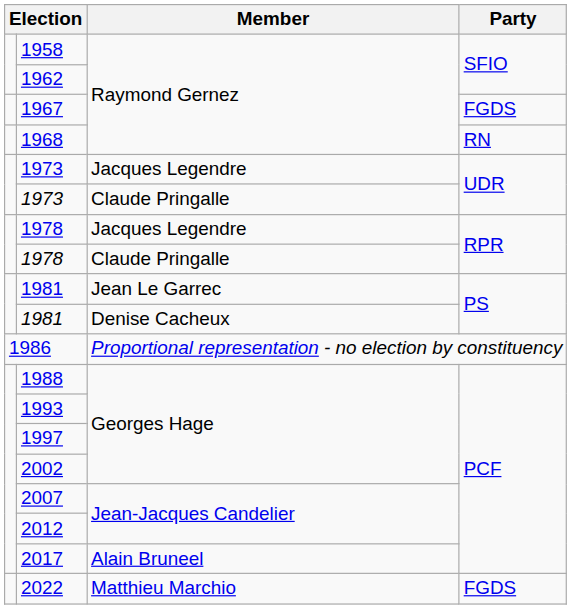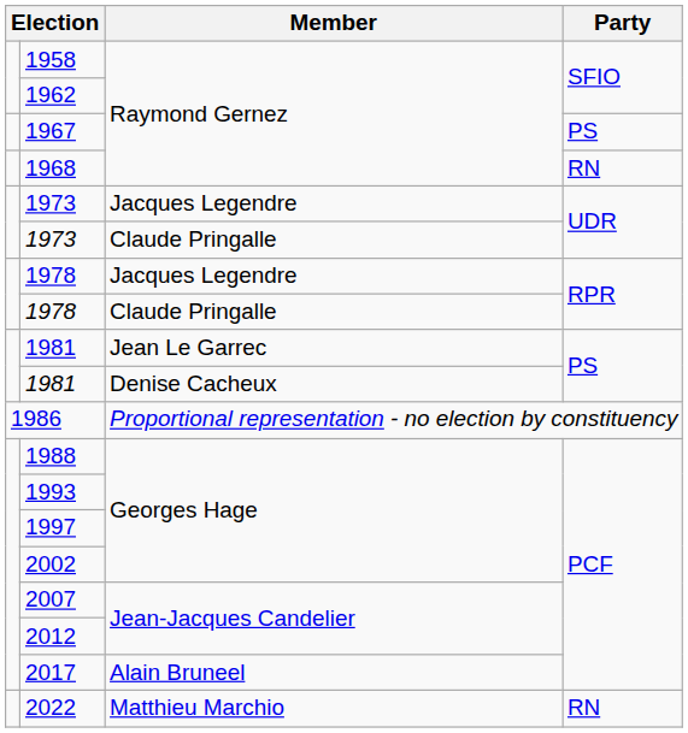 <table class="wikitable">
 <tr>
 <th colspan="2">Election</th>
 <th>Member</th>
 <th>Party</th>
 </tr>
 <tr>
 <td rowspan="2" style="background-color: "></td>
 <td><a href='#'>1958</a></td>
 <td rowspan="4">Raymond Gernez</td>
 <td rowspan="2"><a href='#'>SFIO</a></td>
 </tr>
 <tr>
 <td><a href='#'>1962</a></td>
 </tr>
 <tr>
 <td style="color:inherit;background-color: "></td>
 <td><a href='#'>1967</a></td>
-<td><a href='#'>FGDS</a></td>
+<td><a href='#'>PS</a></td>
 </tr>
 <tr>
 <td style="color:inherit;background-color: "></td>
 <td><a href='#'>1968</a></td>
 <td><a href='#'>RN</a></td>
 </tr>
 <tr>
 <td rowspan="2" style="background-color: "></td>
 <td><a href='#'>1973</a></td>
 <td>Jacques Legendre</td>
 <td rowspan="2"><a href='#'>UDR</a></td>
 </tr>
 <tr>
 <td><em>1973</em></td>
 <td>Claude Pringalle</td>
 </tr>
 <tr>
 <td rowspan="2" style="background-color: "></td>
 <td><a href='#'>1978</a></td>
 <td>Jacques Legendre</td>
 <td rowspan="2"><a href='#'>RPR</a></td>
 </tr>
 <tr>
 <td><em>1978</em></td>
 <td>Claude Pringalle</td>
 </tr>
 <tr>
 <td rowspan="2" style="background-color: "></td>
 <td><a href='#'>1981</a></td>
 <td>Jean Le Garrec</td>
 <td rowspan="2"><a href='#'>PS</a></td>
 </tr>
 <tr>
 <td><em>1981</em></td>
 <td>Denise Cacheux</td>
 </tr>
 <tr>
 <td colspan="2"><a href='#'>1986</a></td>
 <td colspan="2"><em><a href='#'>Proportional representation</a> - no election by constituency</em></td>
 </tr>
 <tr>
 <td rowspan="7" style="background-color: "></td>
 <td><a href='#'>1988</a></td>
 <td rowspan="4">Georges Hage</td>
 <td rowspan="7"><a href='#'>PCF</a></td>
 </tr>
 <tr>
 <td><a href='#'>1993</a></td>
 </tr>
 <tr>
 <td><a href='#'>1997</a></td>
 </tr>
 <tr>
 <td><a href='#'>2002</a></td>
 </tr>
 <tr>
 <td><a href='#'>2007</a></td>
 <td rowspan="2"><a href='#'>Jean-Jacques Candelier</a></td>
 </tr>
 <tr>
 <td><a href='#'>2012</a></td>
 </tr>
 <tr>
 <td><a href='#'>2017</a></td>
 <td><a href='#'>Alain Bruneel</a></td>
 </tr>
 <tr>
 <td style="color:inherit;background-color: "></td>
 <td><a href='#'>2022</a></td>
 <td><a href='#'>Matthieu Marchio</a></td>
-<td><a href='#'>FGDS</a></td>
+<td><a href='#'>RN</a></td>
 </tr>
 </table>
